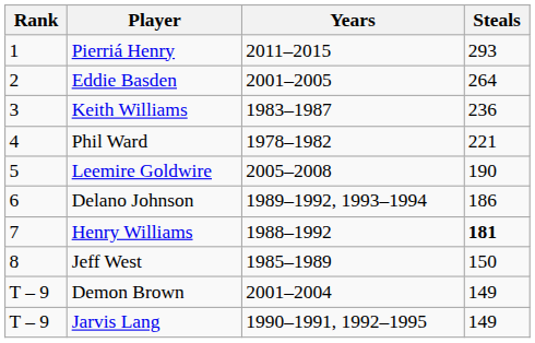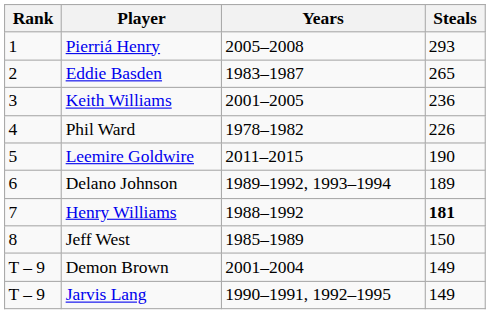 <table class="wikitable sortable" style="width: 50%">
 <tr>
 <th>Rank</th>
 <th>Player</th>
 <th>Years</th>
 <th>Steals</th>
 </tr>
 <tr>
 <td>1</td>
 <td><a href='#'>Pierriá Henry</a></td>
-<td>2011–2015</td>
+<td>2005–2008</td>
 <td>293</td>
 </tr>
 <tr>
 <td>2</td>
 <td><a href='#'>Eddie Basden</a></td>
-<td>2001–2005</td>
-<td>264</td>
+<td>1983–1987</td>
+<td>265</td>
 </tr>
 <tr>
 <td>3</td>
 <td><a href='#'>Keith Williams</a></td>
-<td>1983–1987</td>
+<td>2001–2005</td>
 <td>236</td>
 </tr>
 <tr>
 <td>4</td>
 <td>Phil Ward</td>
 <td>1978–1982</td>
-<td>221</td>
+<td>226</td>
 </tr>
 <tr>
 <td>5</td>
 <td><a href='#'>Leemire Goldwire</a></td>
-<td>2005–2008</td>
+<td>2011–2015</td>
 <td>190</td>
 </tr>
 <tr>
 <td>6</td>
 <td>Delano Johnson</td>
 <td>1989–1992, 1993–1994</td>
-<td>186</td>
+<td>189</td>
 </tr>
 <tr>
 <td>7</td>
 <td><a href='#'>Henry Williams</a></td>
 <td>1988–1992</td>
 <td><strong>181</strong></td>
 </tr>
 <tr>
 <td>8</td>
 <td>Jeff West</td>
 <td>1985–1989</td>
 <td>150</td>
 </tr>
 <tr>
 <td>T – 9</td>
 <td>Demon Brown</td>
 <td>2001–2004</td>
 <td>149</td>
 </tr>
 <tr>
 <td>T – 9</td>
 <td><a href='#'>Jarvis Lang</a></td>
 <td>1990–1991, 1992–1995</td>
 <td>149</td>
 </tr>
 </table>
